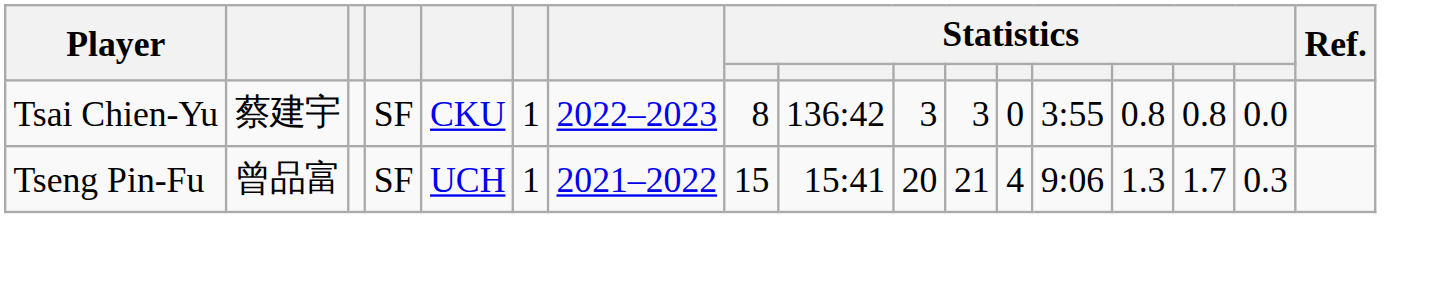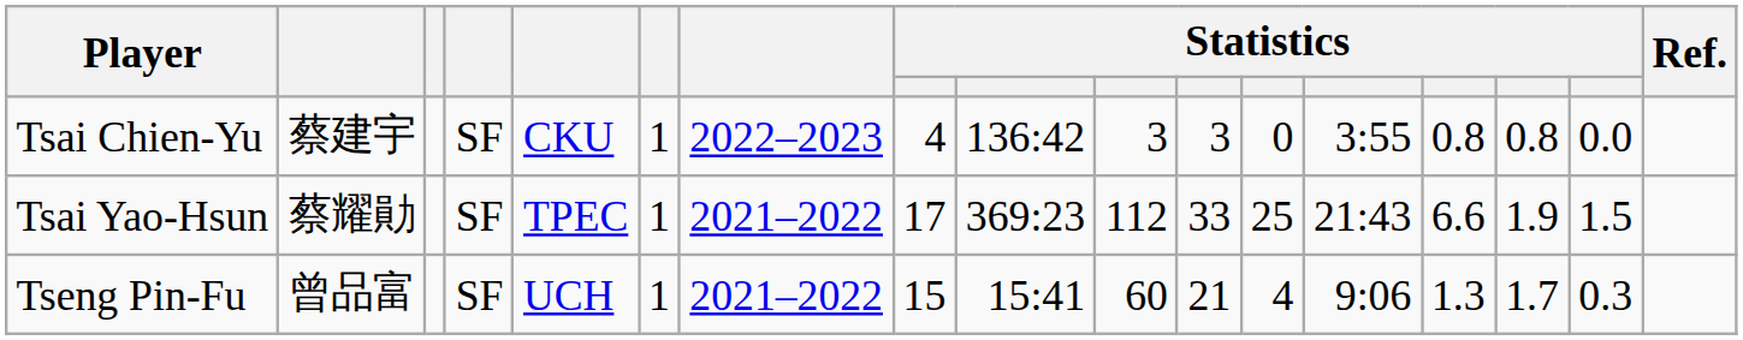 <table class="wikitable sortable" style="font-size:95%; text-align:right;">
 <tr>
 <th rowspan="2">Player</th>
 <th rowspan="2"></th>
 <th rowspan="2"></th>
 <th rowspan="2"></th>
 <th rowspan="2"></th>
 <th rowspan="2"></th>
 <th rowspan="2"></th>
 <th colspan="9">Statistics</th>
 <th rowspan="2">Ref.</th>
 </tr>
 <tr>
 <th></th>
 <th></th>
 <th></th>
 <th></th>
 <th></th>
 <th></th>
 <th></th>
 <th></th>
 <th></th>
 </tr>
 <tr>
 <td align="left">Tsai Chien-Yu</td>
 <td align="left">蔡建宇</td>
 <td align="center"></td>
 <td align="center">SF</td>
 <td align="left"><a href='#'>CKU</a></td>
 <td align="center">1</td>
 <td align="center"><a href='#'>2022–2023</a></td>
-<td>8</td>
+<td>4</td>
 <td>136:42</td>
 <td>3</td>
 <td>3</td>
 <td>0</td>
 <td>3:55</td>
 <td>0.8</td>
 <td>0.8</td>
 <td>0.0</td>
+<td align="center"></td>
+</tr>
+<tr>
+<td align="left">Tsai Yao-Hsun</td>
+<td align="left">蔡耀勛</td>
+<td align="center"></td>
+<td align="center">SF</td>
+<td align="left"><a href='#'>TPEC</a></td>
+<td align="center">1</td>
+<td align="center"><a href='#'>2021–2022</a></td>
+<td>17</td>
+<td>369:23</td>
+<td>112</td>
+<td>33</td>
+<td>25</td>
+<td>21:43</td>
+<td>6.6</td>
+<td>1.9</td>
+<td>1.5</td>
 <td align="center"></td>
 </tr>
 <tr>
 <td align="left">Tseng Pin-Fu</td>
 <td align="left">曾品富</td>
 <td align="center"></td>
 <td align="center">SF</td>
 <td align="left"><a href='#'>UCH</a></td>
 <td align="center">1</td>
 <td align="center"><a href='#'>2021–2022</a></td>
 <td>15</td>
 <td>15:41</td>
-<td>20</td>
+<td>60</td>
 <td>21</td>
 <td>4</td>
 <td>9:06</td>
 <td>1.3</td>
 <td>1.7</td>
 <td>0.3</td>
 <td align="center"></td>
 </tr>
 </table>
